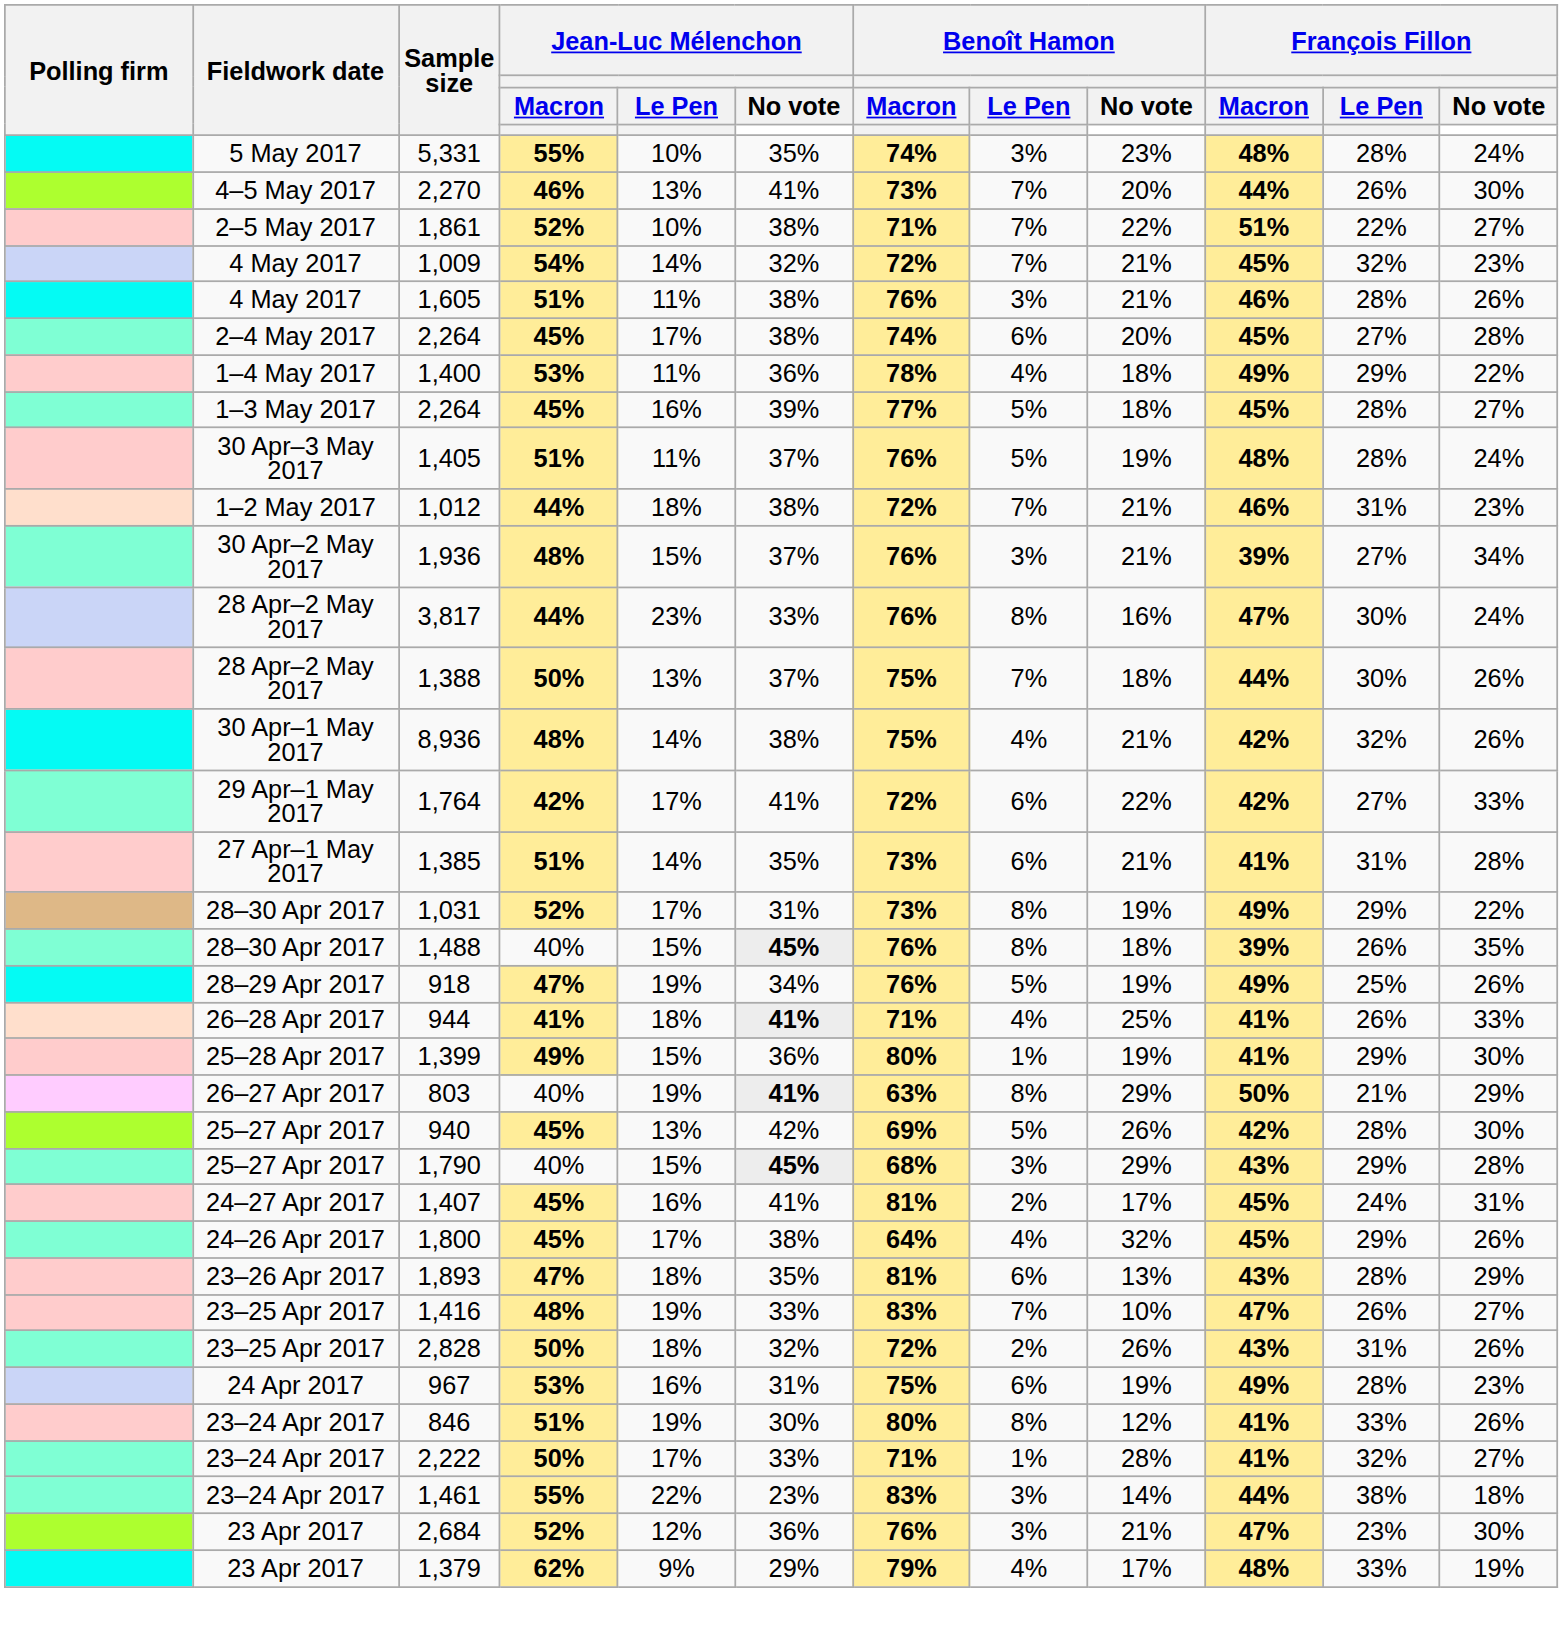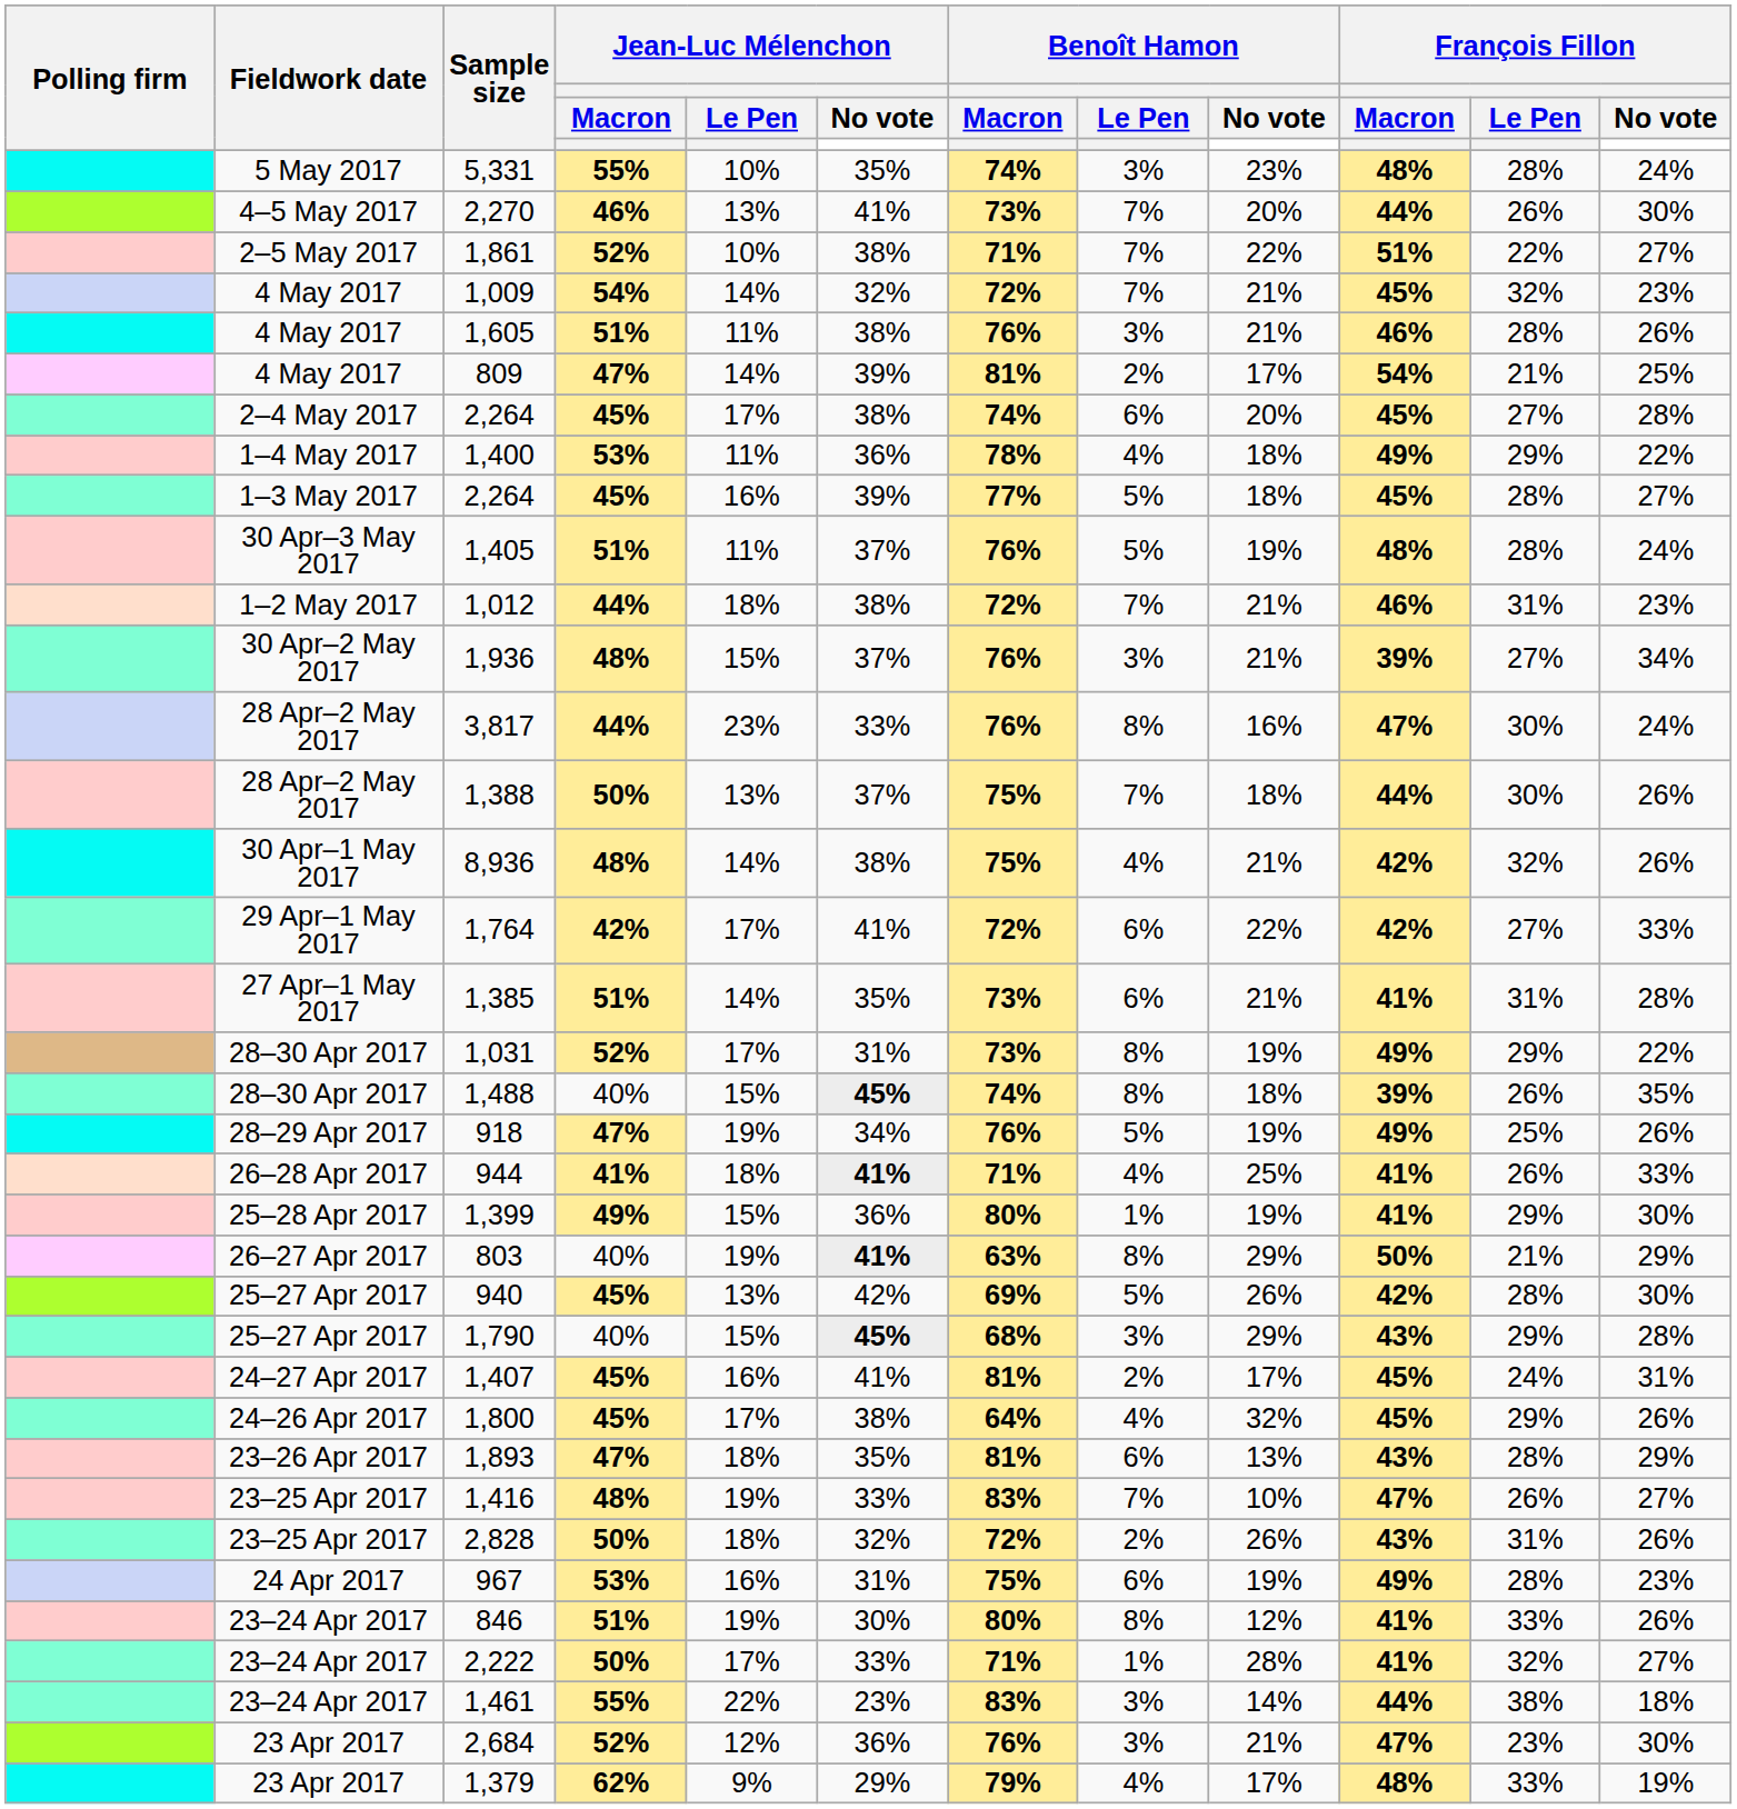 <table class="wikitable sortable" style="text-align:center;font-size:90%;line-height:14px;">
 <tr style="height:40px;">
 <th style="width:100px;" rowspan="4">Polling firm</th>
 <th style="width:110px;" rowspan="4">Fieldwork date</th>
 <th style="width:35px;" rowspan="4">Sample<br>size</th>
 <th colspan="3" style="width:180px;"><a href='#'>Jean-Luc Mélenchon</a><br></th>
 <th colspan="3" style="width:180px;"><a href='#'>Benoît Hamon</a><br></th>
 <th colspan="3" style="width:180px;"><a href='#'>François Fillon</a><br></th>
 </tr>
 <tr>
 <th colspan="3" style="background:"></th>
 <th colspan="3" style="background:"></th>
 <th colspan="3" style="background:"></th>
 </tr>
 <tr>
 <th style="width:60px;"><a href='#'>Macron</a></th>
 <th style="width:60px;"><a href='#'>Le Pen</a></th>
 <th style="width:60px;">No vote</th>
 <th style="width:60px;"><a href='#'>Macron</a></th>
 <th style="width:60px;"><a href='#'>Le Pen</a></th>
 <th style="width:60px;">No vote</th>
 <th style="width:60px;"><a href='#'>Macron</a></th>
 <th style="width:60px;"><a href='#'>Le Pen</a></th>
 <th style="width:60px;">No vote</th>
 </tr>
 <tr>
 <th style="background:"></th>
 <th style="background:"></th>
 <th style="background:#FFFFFF;"></th>
 <th style="background:"></th>
 <th style="background:"></th>
 <th style="background:#FFFFFF;"></th>
 <th style="background:"></th>
 <th style="background:"></th>
 <th style="background:#FFFFFF;"></th>
 </tr>
 <tr>
 <td style="background:#04FBF4;"></td>
 <td data-sort-value="2017-05-05">5 May 2017</td>
 <td>5,331</td>
 <td style="background:#FFED99;"><strong>55%</strong></td>
 <td>10%</td>
 <td>35%</td>
 <td style="background:#FFED99;"><strong>74%</strong></td>
 <td>3%</td>
 <td>23%</td>
 <td style="background:#FFED99;"><strong>48%</strong></td>
 <td>28%</td>
 <td>24%</td>
 </tr>
 <tr>
 <td style="background:GreenYellow;"></td>
 <td data-sort-value="2017-05-05">4–5 May 2017</td>
 <td>2,270</td>
 <td style="background:#FFED99;"><strong>46%</strong></td>
 <td>13%</td>
 <td>41%</td>
 <td style="background:#FFED99;"><strong>73%</strong></td>
 <td>7%</td>
 <td>20%</td>
 <td style="background:#FFED99;"><strong>44%</strong></td>
 <td>26%</td>
 <td>30%</td>
 </tr>
 <tr>
 <td style="background:#FFCCCC;"> </td>
 <td data-sort-value="2017-05-05">2–5 May 2017</td>
 <td>1,861</td>
 <td style="background:#FFED99;"><strong>52%</strong></td>
 <td>10%</td>
 <td>38%</td>
 <td style="background:#FFED99;"><strong>71%</strong></td>
 <td>7%</td>
 <td>22%</td>
 <td style="background:#FFED99;"><strong>51%</strong></td>
 <td>22%</td>
 <td>27%</td>
 </tr>
 <tr>
 <td style="background:#CAD5F7;"></td>
 <td data-sort-value="2017-05-04">4 May 2017</td>
 <td>1,009</td>
 <td style="background:#FFED99;"><strong>54%</strong></td>
 <td>14%</td>
 <td>32%</td>
 <td style="background:#FFED99;"><strong>72%</strong></td>
 <td>7%</td>
 <td>21%</td>
 <td style="background:#FFED99;"><strong>45%</strong></td>
 <td>32%</td>
 <td>23%</td>
 </tr>
 <tr>
 <td style="background:#04FBF4;"></td>
 <td data-sort-value="2017-05-04">4 May 2017</td>
 <td>1,605</td>
 <td style="background:#FFED99;"><strong>51%</strong></td>
 <td>11%</td>
 <td>38%</td>
 <td style="background:#FFED99;"><strong>76%</strong></td>
 <td>3%</td>
 <td>21%</td>
 <td style="background:#FFED99;"><strong>46%</strong></td>
 <td>28%</td>
 <td>26%</td>
+</tr>
+<tr>
+<td style="background:#FFCCFF;"></td>
+<td data-sort-value="2017-05-04">4 May 2017</td>
+<td>809</td>
+<td style="background:#FFED99;"><strong>47%</strong></td>
+<td>14%</td>
+<td>39%</td>
+<td style="background:#FFED99;"><strong>81%</strong></td>
+<td>2%</td>
+<td>17%</td>
+<td style="background:#FFED99;"><strong>54%</strong></td>
+<td>21%</td>
+<td>25%</td>
 </tr>
 <tr>
 <td style="background:aquamarine;"></td>
 <td data-sort-value="2017-05-04">2–4 May 2017</td>
 <td>2,264</td>
 <td style="background:#FFED99;"><strong>45%</strong></td>
 <td>17%</td>
 <td>38%</td>
 <td style="background:#FFED99;"><strong>74%</strong></td>
 <td>6%</td>
 <td>20%</td>
 <td style="background:#FFED99;"><strong>45%</strong></td>
 <td>27%</td>
 <td>28%</td>
 </tr>
 <tr>
 <td style="background:#FFCCCC;"> </td>
 <td data-sort-value="2017-05-04">1–4 May 2017</td>
 <td>1,400</td>
 <td style="background:#FFED99;"><strong>53%</strong></td>
 <td>11%</td>
 <td>36%</td>
 <td style="background:#FFED99;"><strong>78%</strong></td>
 <td>4%</td>
 <td>18%</td>
 <td style="background:#FFED99;"><strong>49%</strong></td>
 <td>29%</td>
 <td>22%</td>
 </tr>
 <tr>
 <td style="background:aquamarine;"></td>
 <td data-sort-value="2017-05-03">1–3 May 2017</td>
 <td>2,264</td>
 <td style="background:#FFED99;"><strong>45%</strong></td>
 <td>16%</td>
 <td>39%</td>
 <td style="background:#FFED99;"><strong>77%</strong></td>
 <td>5%</td>
 <td>18%</td>
 <td style="background:#FFED99;"><strong>45%</strong></td>
 <td>28%</td>
 <td>27%</td>
 </tr>
 <tr>
 <td style="background:#FFCCCC;"> </td>
 <td data-sort-value="2017-05-03">30 Apr–3 May 2017</td>
 <td>1,405</td>
 <td style="background:#FFED99;"><strong>51%</strong></td>
 <td>11%</td>
 <td>37%</td>
 <td style="background:#FFED99;"><strong>76%</strong></td>
 <td>5%</td>
 <td>19%</td>
 <td style="background:#FFED99;"><strong>48%</strong></td>
 <td>28%</td>
 <td>24%</td>
 </tr>
 <tr>
 <td style="background:#FFDFCC;"> </td>
 <td data-sort-value="2017-05-02">1–2 May 2017</td>
 <td>1,012</td>
 <td style="background:#FFED99;"><strong>44%</strong></td>
 <td>18%</td>
 <td>38%</td>
 <td style="background:#FFED99;"><strong>72%</strong></td>
 <td>7%</td>
 <td>21%</td>
 <td style="background:#FFED99;"><strong>46%</strong></td>
 <td>31%</td>
 <td>23%</td>
 </tr>
 <tr>
 <td style="background:aquamarine;"></td>
 <td data-sort-value="2017-05-02">30 Apr–2 May 2017</td>
 <td>1,936</td>
 <td style="background:#FFED99;"><strong>48%</strong></td>
 <td>15%</td>
 <td>37%</td>
 <td style="background:#FFED99;"><strong>76%</strong></td>
 <td>3%</td>
 <td>21%</td>
 <td style="background:#FFED99;"><strong>39%</strong></td>
 <td>27%</td>
 <td>34%</td>
 </tr>
 <tr>
 <td style="background:#CAD5F7;"></td>
 <td data-sort-value="2017-05-02">28 Apr–2 May 2017</td>
 <td>3,817</td>
 <td style="background:#FFED99;"><strong>44%</strong></td>
 <td>23%</td>
 <td>33%</td>
 <td style="background:#FFED99;"><strong>76%</strong></td>
 <td>8%</td>
 <td>16%</td>
 <td style="background:#FFED99;"><strong>47%</strong></td>
 <td>30%</td>
 <td>24%</td>
 </tr>
 <tr>
 <td style="background:#FFCCCC;"> </td>
 <td data-sort-value="2017-05-02">28 Apr–2 May 2017</td>
 <td>1,388</td>
 <td style="background:#FFED99;"><strong>50%</strong></td>
 <td>13%</td>
 <td>37%</td>
 <td style="background:#FFED99;"><strong>75%</strong></td>
 <td>7%</td>
 <td>18%</td>
 <td style="background:#FFED99;"><strong>44%</strong></td>
 <td>30%</td>
 <td>26%</td>
 </tr>
 <tr>
 <td style="background:#04FBF4;"></td>
 <td data-sort-value="2017-05-01">30 Apr–1 May 2017</td>
 <td>8,936</td>
 <td style="background:#FFED99;"><strong>48%</strong></td>
 <td>14%</td>
 <td>38%</td>
 <td style="background:#FFED99;"><strong>75%</strong></td>
 <td>4%</td>
 <td>21%</td>
 <td style="background:#FFED99;"><strong>42%</strong></td>
 <td>32%</td>
 <td>26%</td>
 </tr>
 <tr>
 <td style="background:aquamarine;"></td>
 <td data-sort-value="2017-05-01">29 Apr–1 May 2017</td>
 <td>1,764</td>
 <td style="background:#FFED99;"><strong>42%</strong></td>
 <td>17%</td>
 <td>41%</td>
 <td style="background:#FFED99;"><strong>72%</strong></td>
 <td>6%</td>
 <td>22%</td>
 <td style="background:#FFED99;"><strong>42%</strong></td>
 <td>27%</td>
 <td>33%</td>
 </tr>
 <tr>
 <td style="background:#FFCCCC;"> </td>
 <td data-sort-value="2017-05-01">27 Apr–1 May 2017</td>
 <td>1,385</td>
 <td style="background:#FFED99;"><strong>51%</strong></td>
 <td>14%</td>
 <td>35%</td>
 <td style="background:#FFED99;"><strong>73%</strong></td>
 <td>6%</td>
 <td>21%</td>
 <td style="background:#FFED99;"><strong>41%</strong></td>
 <td>31%</td>
 <td>28%</td>
 </tr>
 <tr>
 <td style="background:burlywood;"> </td>
 <td data-sort-value="2017-04-30">28–30 Apr 2017</td>
 <td>1,031</td>
 <td style="background:#FFED99;"><strong>52%</strong></td>
 <td>17%</td>
 <td>31%</td>
 <td style="background:#FFED99;"><strong>73%</strong></td>
 <td>8%</td>
 <td>19%</td>
 <td style="background:#FFED99;"><strong>49%</strong></td>
 <td>29%</td>
 <td>22%</td>
 </tr>
 <tr>
 <td style="background:aquamarine;"></td>
 <td data-sort-value="2017-04-30">28–30 Apr 2017</td>
 <td>1,488</td>
 <td>40%</td>
 <td>15%</td>
 <td style="background:#EDEDED;"><strong>45%</strong></td>
-<td style="background:#FFED99;"><strong>76%</strong></td>
+<td style="background:#FFED99;"><strong>74%</strong></td>
 <td>8%</td>
 <td>18%</td>
 <td style="background:#FFED99;"><strong>39%</strong></td>
 <td>26%</td>
 <td>35%</td>
 </tr>
 <tr>
 <td style="background:#04FBF4;"></td>
 <td data-sort-value="2017-04-29">28–29 Apr 2017</td>
 <td>918</td>
 <td style="background:#FFED99;"><strong>47%</strong></td>
 <td>19%</td>
 <td>34%</td>
 <td style="background:#FFED99;"><strong>76%</strong></td>
 <td>5%</td>
 <td>19%</td>
 <td style="background:#FFED99;"><strong>49%</strong></td>
 <td>25%</td>
 <td>26%</td>
 </tr>
 <tr>
 <td style="background:#FFDFCC;"> </td>
 <td data-sort-value="2017-04-28">26–28 Apr 2017</td>
 <td>944</td>
 <td style="background:#FFED99;"><strong>41%</strong></td>
 <td>18%</td>
 <td style="background:#EDEDED;"><strong>41%</strong></td>
 <td style="background:#FFED99;"><strong>71%</strong></td>
 <td>4%</td>
 <td>25%</td>
 <td style="background:#FFED99;"><strong>41%</strong></td>
 <td>26%</td>
 <td>33%</td>
 </tr>
 <tr>
 <td style="background:#FFCCCC;"> </td>
 <td data-sort-value="2017-04-28">25–28 Apr 2017</td>
 <td>1,399</td>
 <td style="background:#FFED99;"><strong>49%</strong></td>
 <td>15%</td>
 <td>36%</td>
 <td style="background:#FFED99;"><strong>80%</strong></td>
 <td>1%</td>
 <td>19%</td>
 <td style="background:#FFED99;"><strong>41%</strong></td>
 <td>29%</td>
 <td>30%</td>
 </tr>
 <tr>
 <td style="background:#FFCCFF;"></td>
 <td data-sort-value="2017-04-27">26–27 Apr 2017</td>
 <td>803</td>
 <td>40%</td>
 <td>19%</td>
 <td style="background:#EDEDED;"><strong>41%</strong></td>
 <td style="background:#FFED99;"><strong>63%</strong></td>
 <td>8%</td>
 <td>29%</td>
 <td style="background:#FFED99;"><strong>50%</strong></td>
 <td>21%</td>
 <td>29%</td>
 </tr>
 <tr>
 <td style="background:GreenYellow;"></td>
 <td data-sort-value="2017-04-27">25–27 Apr 2017</td>
 <td>940</td>
 <td style="background:#FFED99;"><strong>45%</strong></td>
 <td>13%</td>
 <td>42%</td>
 <td style="background:#FFED99;"><strong>69%</strong></td>
 <td>5%</td>
 <td>26%</td>
 <td style="background:#FFED99;"><strong>42%</strong></td>
 <td>28%</td>
 <td>30%</td>
 </tr>
 <tr>
 <td style="background:aquamarine;"></td>
 <td data-sort-value="2017-04-27">25–27 Apr 2017</td>
 <td>1,790</td>
 <td>40%</td>
 <td>15%</td>
 <td style="background:#EDEDED;"><strong>45%</strong></td>
 <td style="background:#FFED99;"><strong>68%</strong></td>
 <td>3%</td>
 <td>29%</td>
 <td style="background:#FFED99;"><strong>43%</strong></td>
 <td>29%</td>
 <td>28%</td>
 </tr>
 <tr>
 <td style="background:#FFCCCC;"> </td>
 <td data-sort-value="2017-04-27">24–27 Apr 2017</td>
 <td>1,407</td>
 <td style="background:#FFED99;"><strong>45%</strong></td>
 <td>16%</td>
 <td>41%</td>
 <td style="background:#FFED99;"><strong>81%</strong></td>
 <td>2%</td>
 <td>17%</td>
 <td style="background:#FFED99;"><strong>45%</strong></td>
 <td>24%</td>
 <td>31%</td>
 </tr>
 <tr>
 <td style="background:aquamarine;"></td>
 <td data-sort-value="2017-04-26">24–26 Apr 2017</td>
 <td>1,800</td>
 <td style="background:#FFED99;"><strong>45%</strong></td>
 <td>17%</td>
 <td>38%</td>
 <td style="background:#FFED99;"><strong>64%</strong></td>
 <td>4%</td>
 <td>32%</td>
 <td style="background:#FFED99;"><strong>45%</strong></td>
 <td>29%</td>
 <td>26%</td>
 </tr>
 <tr>
 <td style="background:#FFCCCC;"> </td>
 <td data-sort-value="2017-04-26">23–26 Apr 2017</td>
 <td>1,893</td>
 <td style="background:#FFED99;"><strong>47%</strong></td>
 <td>18%</td>
 <td>35%</td>
 <td style="background:#FFED99;"><strong>81%</strong></td>
 <td>6%</td>
 <td>13%</td>
 <td style="background:#FFED99;"><strong>43%</strong></td>
 <td>28%</td>
 <td>29%</td>
 </tr>
 <tr>
 <td style="background:#FFCCCC;"> </td>
 <td data-sort-value="2017-04-25">23–25 Apr 2017</td>
 <td>1,416</td>
 <td style="background:#FFED99;"><strong>48%</strong></td>
 <td>19%</td>
 <td>33%</td>
 <td style="background:#FFED99;"><strong>83%</strong></td>
 <td>7%</td>
 <td>10%</td>
 <td style="background:#FFED99;"><strong>47%</strong></td>
 <td>26%</td>
 <td>27%</td>
 </tr>
 <tr>
 <td style="background:aquamarine;"></td>
 <td data-sort-value="2017-04-25">23–25 Apr 2017</td>
 <td>2,828</td>
 <td style="background:#FFED99;"><strong>50%</strong></td>
 <td>18%</td>
 <td>32%</td>
 <td style="background:#FFED99;"><strong>72%</strong></td>
 <td>2%</td>
 <td>26%</td>
 <td style="background:#FFED99;"><strong>43%</strong></td>
 <td>31%</td>
 <td>26%</td>
 </tr>
 <tr>
 <td style="background:#CAD5F7;"></td>
 <td data-sort-value="2017-04-24">24 Apr 2017</td>
 <td>967</td>
 <td style="background:#FFED99;"><strong>53%</strong></td>
 <td>16%</td>
 <td>31%</td>
 <td style="background:#FFED99;"><strong>75%</strong></td>
 <td>6%</td>
 <td>19%</td>
 <td style="background:#FFED99;"><strong>49%</strong></td>
 <td>28%</td>
 <td>23%</td>
 </tr>
 <tr>
 <td style="background:#FFCCCC;"> </td>
 <td data-sort-value="2017-04-24">23–24 Apr 2017</td>
 <td>846</td>
 <td style="background:#FFED99;"><strong>51%</strong></td>
 <td>19%</td>
 <td>30%</td>
 <td style="background:#FFED99;"><strong>80%</strong></td>
 <td>8%</td>
 <td>12%</td>
 <td style="background:#FFED99;"><strong>41%</strong></td>
 <td>33%</td>
 <td>26%</td>
 </tr>
 <tr>
 <td style="background:aquamarine;"></td>
 <td data-sort-value="2017-04-24">23–24 Apr 2017</td>
 <td>2,222</td>
 <td style="background:#FFED99;"><strong>50%</strong></td>
 <td>17%</td>
 <td>33%</td>
 <td style="background:#FFED99;"><strong>71%</strong></td>
 <td>1%</td>
 <td>28%</td>
 <td style="background:#FFED99;"><strong>41%</strong></td>
 <td>32%</td>
 <td>27%</td>
 </tr>
 <tr>
 <td style="background:aquamarine;"></td>
 <td data-sort-value="2017-04-24">23–24 Apr 2017</td>
 <td>1,461</td>
 <td style="background:#FFED99;"><strong>55%</strong></td>
 <td>22%</td>
 <td>23%</td>
 <td style="background:#FFED99;"><strong>83%</strong></td>
 <td>3%</td>
 <td>14%</td>
 <td style="background:#FFED99;"><strong>44%</strong></td>
 <td>38%</td>
 <td>18%</td>
 </tr>
 <tr>
 <td style="background:GreenYellow;"></td>
 <td data-sort-value="2017-04-23">23 Apr 2017</td>
 <td>2,684</td>
 <td style="background:#FFED99;"><strong>52%</strong></td>
 <td>12%</td>
 <td>36%</td>
 <td style="background:#FFED99;"><strong>76%</strong></td>
 <td>3%</td>
 <td>21%</td>
 <td style="background:#FFED99;"><strong>47%</strong></td>
 <td>23%</td>
 <td>30%</td>
 </tr>
 <tr>
 <td style="background:#04FBF4;"></td>
 <td data-sort-value="2017-04-23">23 Apr 2017</td>
 <td>1,379</td>
 <td style="background:#FFED99;"><strong>62%</strong></td>
 <td>9%</td>
 <td>29%</td>
 <td style="background:#FFED99;"><strong>79%</strong></td>
 <td>4%</td>
 <td>17%</td>
 <td style="background:#FFED99;"><strong>48%</strong></td>
 <td>33%</td>
 <td>19%</td>
 </tr>
 </table>
